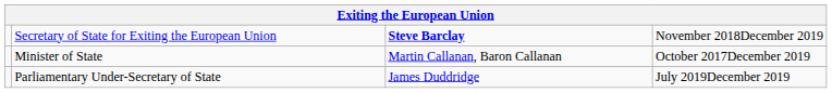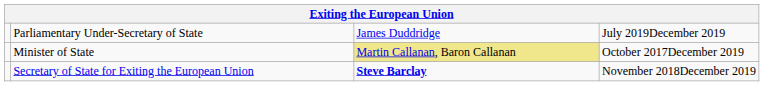 <table class="wikitable">
 <tr>
 <th colspan="4"><a href='#'>Exiting the European Union</a></th>
+</tr>
+<tr>
+<td style="width: 1px; background: "></td>
+<td>Parliamentary Under-Secretary of State</td>
+<td><a href='#'>James Duddridge</a></td>
+<td>July 2019December 2019</td>
+</tr>
+<tr>
+<td style="width: 1px; background: "></td>
+<td style="width: 450px;">Minister of State</td>
+<td style="background: khaki;"><a href='#'>Martin Callanan</a>, Baron Callanan</td>
+<td>October 2017December 2019</td>
 </tr>
 <tr>
 <td style="width: 1px; background: "></td>
 <td style="width: 450px;"><a href='#'>Secretary of State for Exiting the European Union</a></td>
 <td style="width: 320px;"><strong><a href='#'>Steve Barclay</a></strong></td>
 <td>November 2018December 2019</td>
 </tr>
-<tr>
-<td style="width: 1px; background: "></td>
-<td style="width: 450px;">Minister of State</td>
-<td><a href='#'>Martin Callanan</a>, Baron Callanan</td>
-<td>October 2017December 2019</td>
-</tr>
-<tr>
-<td style="width: 1px; background: "></td>
-<td>Parliamentary Under-Secretary of State</td>
-<td><a href='#'>James Duddridge</a></td>
-<td>July 2019December 2019</td>
-</tr>
 </table>
